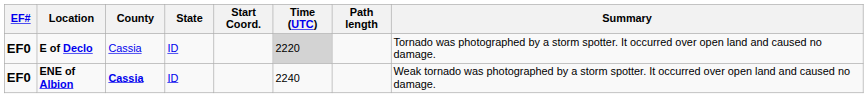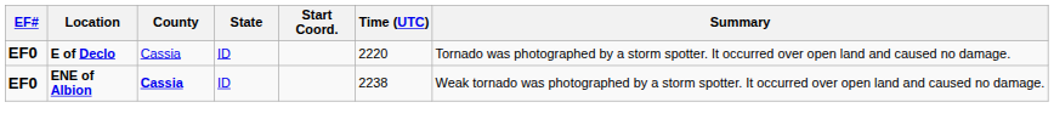 <table class="wikitable sortable" style="width:100%;">
 <tr>
 <th scope="col"  style="width:3%; text-align:center;"><a href='#'>EF#</a></th>
 <th scope="col"  style="width:7%; text-align:center;" class="unsortable">Location</th>
 <th scope="col"  style="width:6%; text-align:center;" class="unsortable">County</th>
 <th scope="col"  style="width:5%; text-align:center;">State</th>
 <th scope="col"  style="width:6%; text-align:center;">Start Coord.</th>
 <th scope="col"  style="width:6%; text-align:center;">Time (<a href='#'>UTC</a>)</th>
-<th scope="col"  style="width:6%; text-align:center;">Path length</th>
 <th scope="col" class="unsortable" style="width:48%; text-align:center;">Summary</th>
 </tr>
 <tr>
 <td><big><strong>EF0</strong></big></td>
 <td><strong>E of <a href='#'>Declo</a></strong></td>
 <td><a href='#'>Cassia</a></td>
 <td><a href='#'>ID</a></td>
 <td></td>
-<td style="background: lightgrey;">2220</td>
-<td></td>
+<td>2220</td>
 <td>Tornado was photographed by a storm spotter. It occurred over open land and caused no damage.</td>
 </tr>
 <tr>
 <td><big><strong>EF0</strong></big></td>
 <td><strong>ENE of <a href='#'>Albion</a></strong></td>
 <td><strong><a href='#'>Cassia</a></strong></td>
 <td><a href='#'>ID</a></td>
 <td></td>
-<td>2240</td>
-<td></td>
+<td>2238</td>
 <td>Weak tornado was photographed by a storm spotter. It occurred over open land and caused no damage.</td>
 </tr>
 </table>
